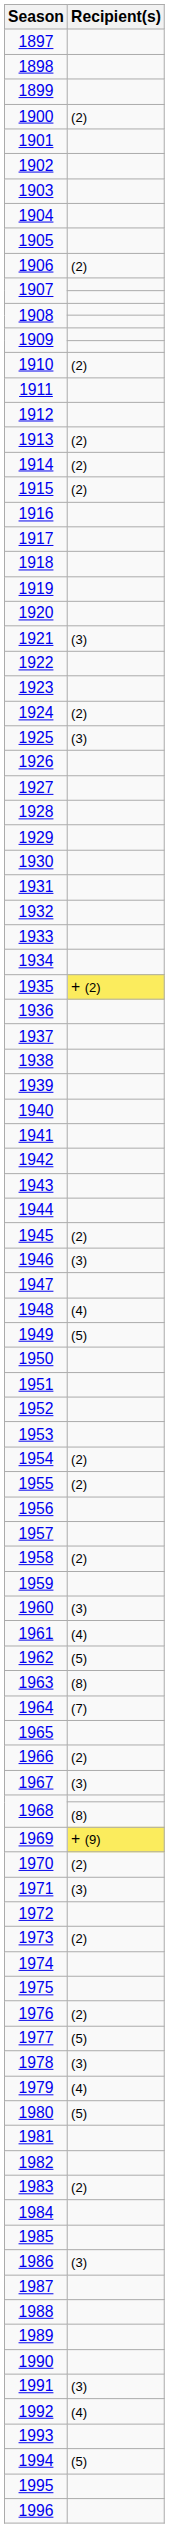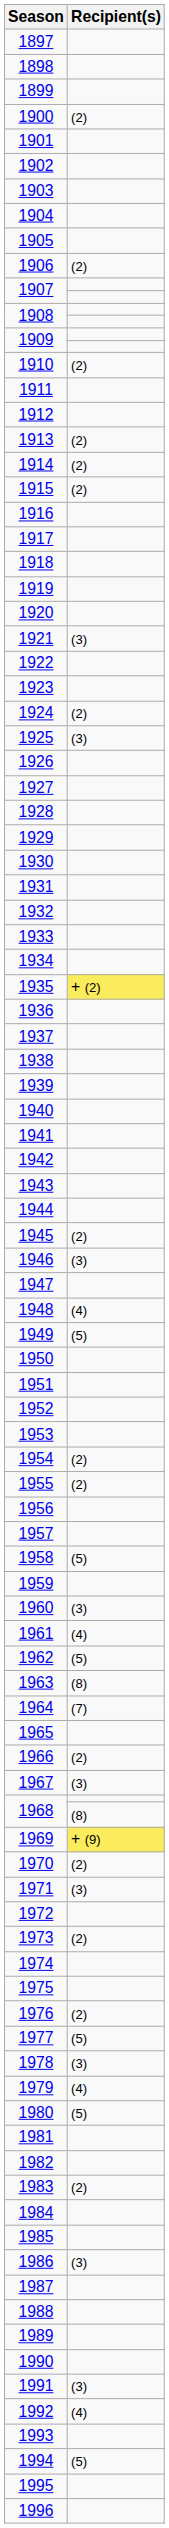 <table class="wikitable sortable" style="text-align:center">
 <tr>
 <th>Season</th>
 <th>Recipient(s)</th>
 </tr>
 <tr>
 <td><a href='#'>1897</a></td>
 <td></td>
 </tr>
 <tr>
 <td><a href='#'>1898</a></td>
 <td align=left></td>
 </tr>
 <tr>
 <td><a href='#'>1899</a></td>
 <td align=left></td>
 </tr>
 <tr>
 <td><a href='#'>1900</a></td>
 <td align=left> <small>(2)</small></td>
 </tr>
 <tr>
 <td><a href='#'>1901</a></td>
 <td></td>
 </tr>
 <tr>
 <td><a href='#'>1902</a></td>
 <td></td>
 </tr>
 <tr>
 <td><a href='#'>1903</a></td>
 <td align=left></td>
 </tr>
 <tr>
 <td><a href='#'>1904</a></td>
 <td align=left></td>
 </tr>
 <tr>
 <td><a href='#'>1905</a></td>
 <td align=left></td>
 </tr>
 <tr>
 <td><a href='#'>1906</a></td>
 <td align=left> <small>(2)</small></td>
 </tr>
 <tr>
 <td rowspan=2><a href='#'>1907</a></td>
 <td align=left></td>
 </tr>
 <tr>
 <td align=left></td>
 </tr>
 <tr>
 <td rowspan=2><a href='#'>1908</a></td>
 <td align=left></td>
 </tr>
 <tr>
 <td align=left></td>
 </tr>
 <tr>
 <td rowspan=2><a href='#'>1909</a></td>
 <td align=left></td>
 </tr>
 <tr>
 <td align=left></td>
 </tr>
 <tr>
 <td><a href='#'>1910</a></td>
 <td align=left> <small>(2)</small></td>
 </tr>
 <tr>
 <td><a href='#'>1911</a></td>
 <td align=left></td>
 </tr>
 <tr>
 <td><a href='#'>1912</a></td>
 <td align=left></td>
 </tr>
 <tr>
 <td><a href='#'>1913</a></td>
 <td align=left> <small>(2)</small></td>
 </tr>
 <tr>
 <td><a href='#'>1914</a></td>
 <td align=left> <small>(2)</small></td>
 </tr>
 <tr>
 <td><a href='#'>1915</a></td>
 <td align=left> <small>(2)</small></td>
 </tr>
 <tr>
 <td><a href='#'>1916</a></td>
 <td></td>
 </tr>
 <tr>
 <td><a href='#'>1917</a></td>
 <td></td>
 </tr>
 <tr>
 <td><a href='#'>1918</a></td>
 <td align=left></td>
 </tr>
 <tr>
 <td><a href='#'>1919</a></td>
 <td align=left></td>
 </tr>
 <tr>
 <td><a href='#'>1920</a></td>
 <td align=left></td>
 </tr>
 <tr>
 <td><a href='#'>1921</a></td>
 <td align=left> <small>(3)</small></td>
 </tr>
 <tr>
 <td><a href='#'>1922</a></td>
 <td align=left></td>
 </tr>
 <tr>
 <td><a href='#'>1923</a></td>
 <td align=left></td>
 </tr>
 <tr>
 <td><a href='#'>1924</a></td>
 <td align=left> <small>(2)</small></td>
 </tr>
 <tr>
 <td><a href='#'>1925</a></td>
 <td align=left> <small>(3)</small></td>
 </tr>
 <tr>
 <td><a href='#'>1926</a></td>
 <td align=left></td>
 </tr>
 <tr>
 <td><a href='#'>1927</a></td>
 <td align=left></td>
 </tr>
 <tr>
 <td><a href='#'>1928</a></td>
 <td></td>
 </tr>
 <tr>
 <td><a href='#'>1929</a></td>
 <td align=left></td>
 </tr>
 <tr>
 <td><a href='#'>1930</a></td>
 <td></td>
 </tr>
 <tr>
 <td><a href='#'>1931</a></td>
 <td></td>
 </tr>
 <tr>
 <td><a href='#'>1932</a></td>
 <td></td>
 </tr>
 <tr>
 <td><a href='#'>1933</a></td>
 <td></td>
 </tr>
 <tr>
 <td><a href='#'>1934</a></td>
 <td align=left></td>
 </tr>
 <tr>
 <td><a href='#'>1935</a></td>
 <td style="text-align:left; background:#fbec5d;">+ <small>(2)</small></td>
 </tr>
 <tr>
 <td><a href='#'>1936</a></td>
 <td></td>
 </tr>
 <tr>
 <td><a href='#'>1937</a></td>
 <td></td>
 </tr>
 <tr>
 <td><a href='#'>1938</a></td>
 <td></td>
 </tr>
 <tr>
 <td><a href='#'>1939</a></td>
 <td></td>
 </tr>
 <tr>
 <td><a href='#'>1940</a></td>
 <td></td>
 </tr>
 <tr>
 <td><a href='#'>1941</a></td>
 <td></td>
 </tr>
 <tr>
 <td><a href='#'>1942</a></td>
 <td></td>
 </tr>
 <tr>
 <td><a href='#'>1943</a></td>
 <td align=left></td>
 </tr>
 <tr>
 <td><a href='#'>1944</a></td>
 <td align=left></td>
 </tr>
 <tr>
 <td><a href='#'>1945</a></td>
 <td align=left> <small>(2)</small></td>
 </tr>
 <tr>
 <td><a href='#'>1946</a></td>
 <td align=left> <small>(3)</small></td>
 </tr>
 <tr>
 <td><a href='#'>1947</a></td>
 <td align=left></td>
 </tr>
 <tr>
 <td><a href='#'>1948</a></td>
 <td align=left> <small>(4)</small></td>
 </tr>
 <tr>
 <td><a href='#'>1949</a></td>
 <td align=left> <small>(5)</small></td>
 </tr>
 <tr>
 <td><a href='#'>1950</a></td>
 <td align=left></td>
 </tr>
 <tr>
 <td><a href='#'>1951</a></td>
 <td align=left></td>
 </tr>
 <tr>
 <td><a href='#'>1952</a></td>
 <td align=left></td>
 </tr>
 <tr>
 <td><a href='#'>1953</a></td>
 <td align=left></td>
 </tr>
 <tr>
 <td><a href='#'>1954</a></td>
 <td align=left> <small>(2)</small></td>
 </tr>
 <tr>
 <td><a href='#'>1955</a></td>
 <td align=left> <small>(2)</small></td>
 </tr>
 <tr>
 <td><a href='#'>1956</a></td>
 <td align=left></td>
 </tr>
 <tr>
 <td><a href='#'>1957</a></td>
 <td align=left></td>
 </tr>
 <tr>
 <td><a href='#'>1958</a></td>
-<td align=left> <small>(2)</small></td>
+<td align=left> <small>(5)</small></td>
 </tr>
 <tr>
 <td><a href='#'>1959</a></td>
 <td align=left></td>
 </tr>
 <tr>
 <td><a href='#'>1960</a></td>
 <td align=left> <small>(3)</small></td>
 </tr>
 <tr>
 <td><a href='#'>1961</a></td>
 <td align=left> <small>(4)</small></td>
 </tr>
 <tr>
 <td><a href='#'>1962</a></td>
 <td align=left> <small>(5)</small></td>
 </tr>
 <tr>
 <td><a href='#'>1963</a></td>
 <td align=left> <small>(8)</small></td>
 </tr>
 <tr>
 <td><a href='#'>1964</a></td>
 <td align=left> <small>(7)</small></td>
 </tr>
 <tr>
 <td><a href='#'>1965</a></td>
 <td align=left></td>
 </tr>
 <tr>
 <td><a href='#'>1966</a></td>
 <td align=left> <small>(2)</small></td>
 </tr>
 <tr>
 <td><a href='#'>1967</a></td>
 <td align=left> <small>(3)</small></td>
 </tr>
 <tr>
 <td rowspan=2><a href='#'>1968</a></td>
 <td align=left></td>
 </tr>
 <tr>
 <td align=left> <small>(8)</small></td>
 </tr>
 <tr>
 <td><a href='#'>1969</a></td>
 <td style="text-align:left; background:#fbec5d;">+ <small>(9)</small></td>
 </tr>
 <tr>
 <td><a href='#'>1970</a></td>
 <td align=left> <small>(2)</small></td>
 </tr>
 <tr>
 <td><a href='#'>1971</a></td>
 <td align=left> <small>(3)</small></td>
 </tr>
 <tr>
 <td><a href='#'>1972</a></td>
 <td align=left></td>
 </tr>
 <tr>
 <td><a href='#'>1973</a></td>
 <td align=left> <small>(2)</small></td>
 </tr>
 <tr>
 <td><a href='#'>1974</a></td>
 <td align=left></td>
 </tr>
 <tr>
 <td><a href='#'>1975</a></td>
 <td align=left></td>
 </tr>
 <tr>
 <td><a href='#'>1976</a></td>
 <td align=left> <small>(2)</small></td>
 </tr>
 <tr>
 <td><a href='#'>1977</a></td>
 <td align=left> <small>(5)</small></td>
 </tr>
 <tr>
 <td><a href='#'>1978</a></td>
 <td align=left> <small>(3)</small></td>
 </tr>
 <tr>
 <td><a href='#'>1979</a></td>
 <td align=left> <small>(4)</small></td>
 </tr>
 <tr>
 <td><a href='#'>1980</a></td>
 <td align=left> <small>(5)</small></td>
 </tr>
 <tr>
 <td><a href='#'>1981</a></td>
 <td align=left></td>
 </tr>
 <tr>
 <td><a href='#'>1982</a></td>
 <td align=left></td>
 </tr>
 <tr>
 <td><a href='#'>1983</a></td>
 <td align=left> <small>(2)</small></td>
 </tr>
 <tr>
 <td><a href='#'>1984</a></td>
 <td align=left></td>
 </tr>
 <tr>
 <td><a href='#'>1985</a></td>
 <td align=left></td>
 </tr>
 <tr>
 <td><a href='#'>1986</a></td>
 <td align=left> <small>(3)</small></td>
 </tr>
 <tr>
 <td><a href='#'>1987</a></td>
 <td align=left></td>
 </tr>
 <tr>
 <td><a href='#'>1988</a></td>
 <td align=left></td>
 </tr>
 <tr>
 <td><a href='#'>1989</a></td>
 <td align=left></td>
 </tr>
 <tr>
 <td><a href='#'>1990</a></td>
 <td align=left></td>
 </tr>
 <tr>
 <td><a href='#'>1991</a></td>
 <td align=left> <small>(3)</small></td>
 </tr>
 <tr>
 <td><a href='#'>1992</a></td>
 <td align=left> <small>(4)</small></td>
 </tr>
 <tr>
 <td><a href='#'>1993</a></td>
 <td align=left></td>
 </tr>
 <tr>
 <td><a href='#'>1994</a></td>
 <td align=left> <small>(5)</small></td>
 </tr>
 <tr>
 <td><a href='#'>1995</a></td>
 <td align=left></td>
 </tr>
 <tr>
 <td><a href='#'>1996</a></td>
 <td align=left></td>
 </tr>
 </table>
